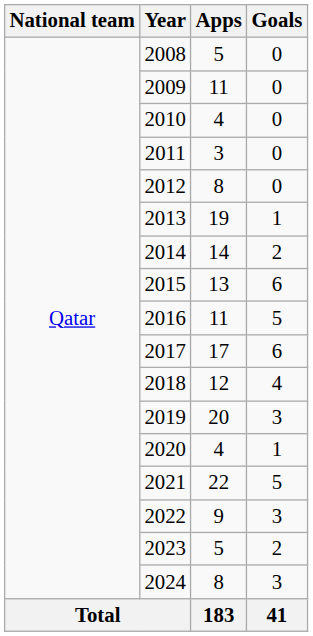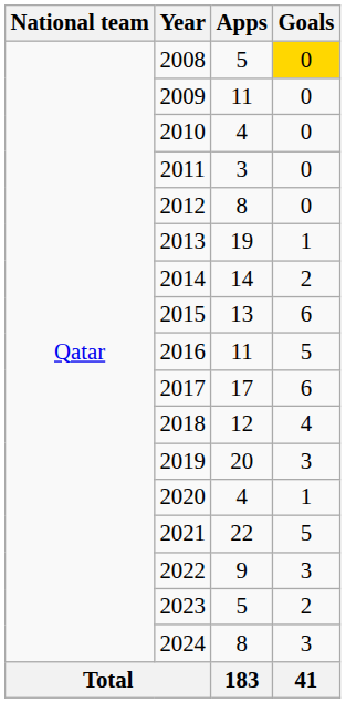 <table class="wikitable" style="text-align:center">
 <tr>
 <th>National team</th>
 <th>Year</th>
 <th>Apps</th>
 <th>Goals</th>
 </tr>
 <tr>
 <td rowspan=17><a href='#'>Qatar</a></td>
 <td>2008</td>
 <td>5</td>
-<td>0</td>
+<td style="background: gold;">0</td>
 </tr>
 <tr>
 <td>2009</td>
 <td>11</td>
 <td>0</td>
 </tr>
 <tr>
 <td>2010</td>
 <td>4</td>
 <td>0</td>
 </tr>
 <tr>
 <td>2011</td>
 <td>3</td>
 <td>0</td>
 </tr>
 <tr>
 <td>2012</td>
 <td>8</td>
 <td>0</td>
 </tr>
 <tr>
 <td>2013</td>
 <td>19</td>
 <td>1</td>
 </tr>
 <tr>
 <td>2014</td>
 <td>14</td>
 <td>2</td>
 </tr>
 <tr>
 <td>2015</td>
 <td>13</td>
 <td>6</td>
 </tr>
 <tr>
 <td>2016</td>
 <td>11</td>
 <td>5</td>
 </tr>
 <tr>
 <td>2017</td>
 <td>17</td>
 <td>6</td>
 </tr>
 <tr>
 <td>2018</td>
 <td>12</td>
 <td>4</td>
 </tr>
 <tr>
 <td>2019</td>
 <td>20</td>
 <td>3</td>
 </tr>
 <tr>
 <td>2020</td>
 <td>4</td>
 <td>1</td>
 </tr>
 <tr>
 <td>2021</td>
 <td>22</td>
 <td>5</td>
 </tr>
 <tr>
 <td>2022</td>
 <td>9</td>
 <td>3</td>
 </tr>
 <tr>
 <td>2023</td>
 <td>5</td>
 <td>2</td>
 </tr>
 <tr>
 <td>2024</td>
 <td>8</td>
 <td>3</td>
 </tr>
 <tr>
 <th colspan=2>Total</th>
 <th>183</th>
 <th>41</th>
 </tr>
 </table>
